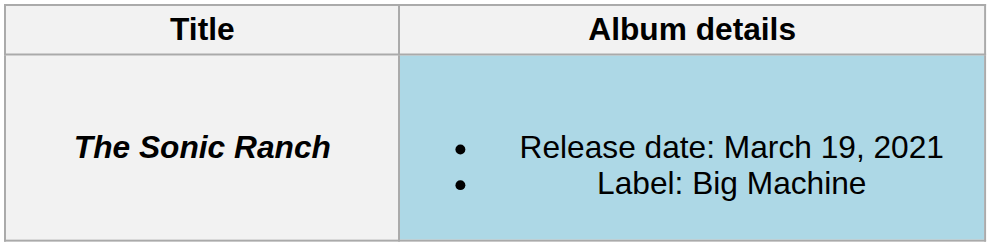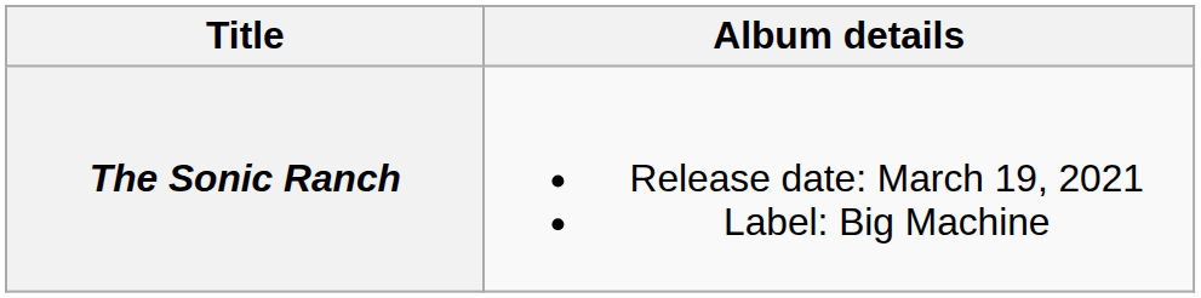 <table class="wikitable plainrowheaders" style="text-align:center;">
 <tr>
 <th style="width:12em;">Title</th>
 <th style="width:18em;">Album details</th>
 </tr>
 <tr>
 <th scope="row"><em>The Sonic Ranch</em></th>
-<td style="background: lightblue;"><br><ul><li>Release date: March 19, 2021</li><li>Label: Big Machine</li></ul></td>
+<td><br><ul><li>Release date: March 19, 2021</li><li>Label: Big Machine</li></ul></td>
 </tr>
 </table>
